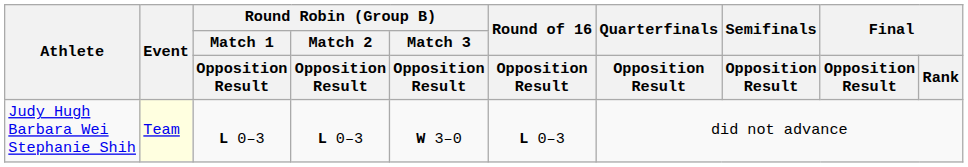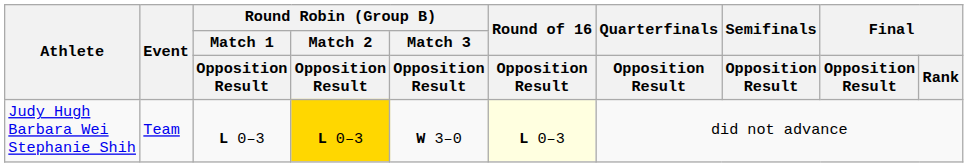 <table class="wikitable" border="1" style="font-size:90%">
 <tr>
 <th rowspan=3>Athlete</th>
 <th rowspan=3>Event</th>
 <th colspan=3>Round Robin (Group B)</th>
 <th rowspan=2>Round of 16</th>
 <th rowspan=2>Quarterfinals</th>
 <th rowspan=2>Semifinals</th>
 <th rowspan=2 colspan=2>Final</th>
 </tr>
 <tr>
 <th>Match 1</th>
 <th>Match 2</th>
 <th>Match 3</th>
 </tr>
 <tr>
 <th>Opposition<br>Result</th>
 <th>Opposition<br>Result</th>
 <th>Opposition<br>Result</th>
 <th>Opposition<br>Result</th>
 <th>Opposition<br>Result</th>
 <th>Opposition<br>Result</th>
 <th>Opposition<br>Result</th>
 <th>Rank</th>
 </tr>
 <tr>
 <td><a href='#'>Judy Hugh</a><br><a href='#'>Barbara Wei</a><br><a href='#'>Stephanie Shih</a></td>
-<td style="background: lightyellow;"><a href='#'>Team</a></td>
+<td><a href='#'>Team</a></td>
 <td align=center><br><strong>L</strong> 0–3</td>
-<td align=center><br><strong>L</strong> 0–3</td>
+<td align=center style="background: gold;"><br><strong>L</strong> 0–3</td>
 <td align=center><br><strong>W</strong> 3–0</td>
-<td align=center><br><strong>L</strong> 0–3</td>
+<td align=center style="background: lightyellow;"><br><strong>L</strong> 0–3</td>
 <td align=center colspan=4>did not advance</td>
 </tr>
 </table>
